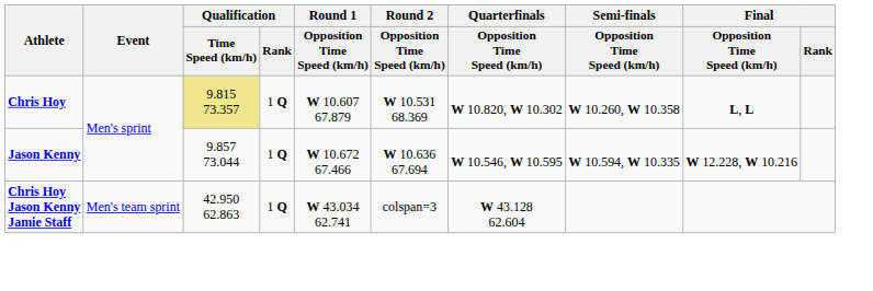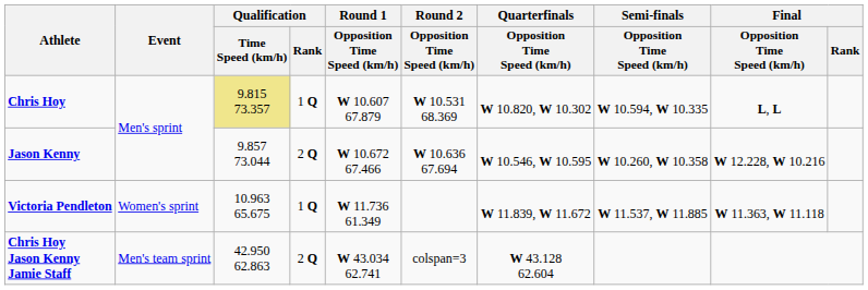 <table class="wikitable" style="font-size:90%">
 <tr>
 <th rowspan="2">Athlete</th>
 <th rowspan="2">Event</th>
 <th colspan=2>Qualification</th>
 <th>Round 1</th>
 <th>Round 2</th>
 <th>Quarterfinals</th>
 <th>Semi-finals</th>
 <th colspan=2>Final</th>
 </tr>
 <tr style="font-size:95%">
 <th>Time<br>Speed (km/h)</th>
 <th>Rank</th>
 <th>Opposition<br>Time<br>Speed (km/h)</th>
 <th>Opposition<br>Time<br>Speed (km/h)</th>
 <th>Opposition<br>Time<br>Speed (km/h)</th>
 <th>Opposition<br>Time<br>Speed (km/h)</th>
 <th>Opposition<br>Time<br>Speed (km/h)</th>
 <th>Rank</th>
 </tr>
 <tr align=center>
 <td align=left><strong><a href='#'>Chris Hoy</a></strong></td>
 <td align=left rowspan=2><a href='#'>Men's sprint</a></td>
 <td style="background: khaki;">9.815 <br>73.357</td>
 <td>1 <strong>Q</strong></td>
 <td><br><strong>W</strong> 10.607<br>67.879</td>
 <td><br><strong>W</strong> 10.531<br>68.369</td>
 <td><br><strong>W</strong> 10.820, <strong>W</strong> 10.302</td>
-<td><br><strong>W</strong> 10.260, <strong>W</strong> 10.358</td>
+<td><br><strong>W</strong> 10.594, <strong>W</strong> 10.335</td>
 <td><br><strong>L</strong>, <strong>L</strong></td>
 <td></td>
 </tr>
 <tr align=center>
 <td align=left><strong><a href='#'>Jason Kenny</a></strong></td>
 <td>9.857<br>73.044</td>
-<td>1 <strong>Q</strong></td>
+<td>2 <strong>Q</strong></td>
 <td><br><strong>W</strong> 10.672<br>67.466</td>
 <td><br><strong>W</strong> 10.636<br>67.694</td>
 <td><br><strong>W</strong> 10.546, <strong>W</strong> 10.595</td>
-<td><br><strong>W</strong> 10.594, <strong>W</strong> 10.335</td>
+<td><br><strong>W</strong> 10.260, <strong>W</strong> 10.358</td>
 <td><br><strong>W</strong> 12.228, <strong>W</strong> 10.216</td>
+<td></td>
+</tr>
+<tr align=center>
+<td align=left><strong><a href='#'>Victoria Pendleton</a></strong></td>
+<td align=left><a href='#'>Women's sprint</a></td>
+<td>10.963 <br>65.675</td>
+<td>1 <strong>Q</strong></td>
+<td><br><strong>W</strong> 11.736<br>61.349</td>
+<td></td>
+<td><br><strong>W</strong> 11.839, <strong>W</strong> 11.672</td>
+<td><br><strong>W</strong> 11.537, <strong>W</strong> 11.885</td>
+<td><br><strong>W</strong> 11.363, <strong>W</strong> 11.118</td>
 <td></td>
 </tr>
 <tr align=center>
 <td align=left><strong><a href='#'>Chris Hoy</a><br> <a href='#'>Jason Kenny</a><br> <a href='#'>Jamie Staff</a></strong></td>
 <td align=left><a href='#'>Men's team sprint</a></td>
 <td>42.950<br> 62.863</td>
-<td>1 <strong>Q</strong></td>
+<td>2 <strong>Q</strong></td>
 <td><br> <strong>W</strong> 43.034<br>62.741</td>
 <td>colspan=3 </td>
 <td><br><strong>W</strong> 43.128<br>62.604</td>
 <td></td>
 </tr>
 </table>
